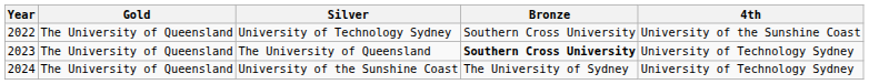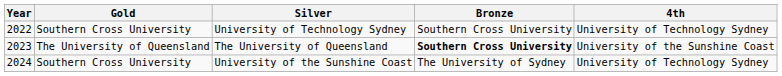 <table class="wikitable">
 <tr>
 <th>Year</th>
 <th>Gold</th>
 <th>Silver</th>
 <th>Bronze</th>
 <th>4th</th>
 </tr>
 <tr>
 <td>2022</td>
-<td>The University of Queensland</td>
+<td>Southern Cross University</td>
 <td>University of Technology Sydney</td>
 <td>Southern Cross University</td>
-<td>University of the Sunshine Coast</td>
+<td>University of Technology Sydney</td>
 </tr>
 <tr>
 <td>2023</td>
 <td>The University of Queensland</td>
 <td>The University of Queensland</td>
 <td><strong>Southern Cross University</strong></td>
-<td>University of Technology Sydney</td>
+<td>University of the Sunshine Coast</td>
 </tr>
 <tr>
 <td>2024</td>
-<td>The University of Queensland</td>
+<td>Southern Cross University</td>
 <td>University of the Sunshine Coast</td>
 <td>The University of Sydney</td>
 <td>University of Technology Sydney</td>
 </tr>
 </table>
